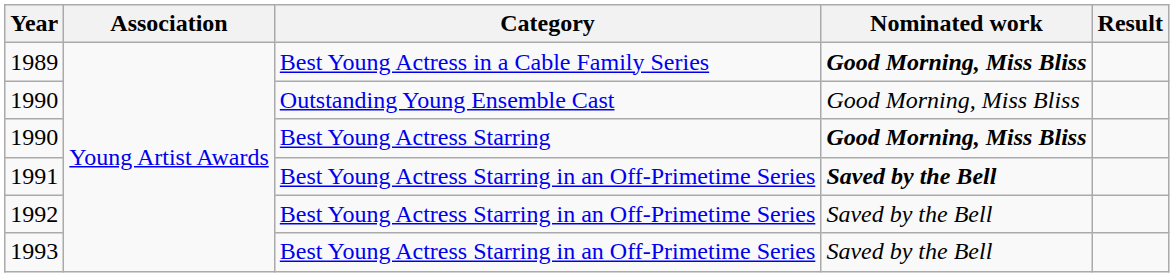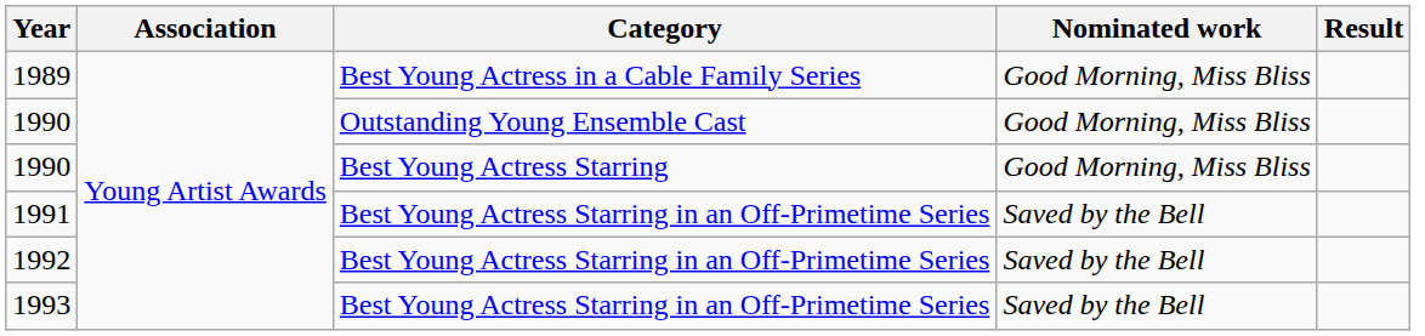 <table class="wikitable sortable">
 <tr>
 <th>Year</th>
 <th>Association</th>
 <th>Category</th>
 <th>Nominated work</th>
 <th>Result</th>
 </tr>
 <tr>
 <td>1989</td>
 <td rowspan=6><a href='#'>Young Artist Awards</a></td>
 <td><a href='#'>Best Young Actress in a Cable Family Series</a></td>
-<td><strong><em>Good Morning, Miss Bliss</em></strong></td>
+<td><em>Good Morning, Miss Bliss</em></td>
 <td></td>
 </tr>
 <tr>
 <td>1990</td>
 <td><a href='#'>Outstanding Young Ensemble Cast</a></td>
 <td><em>Good Morning, Miss Bliss</em></td>
 <td></td>
 </tr>
 <tr>
 <td>1990</td>
 <td><a href='#'>Best Young Actress Starring</a></td>
-<td><strong><em>Good Morning, Miss Bliss</em></strong></td>
+<td><em>Good Morning, Miss Bliss</em></td>
 <td></td>
 </tr>
 <tr>
 <td>1991</td>
 <td><a href='#'>Best Young Actress Starring in an Off-Primetime Series</a></td>
-<td><strong><em>Saved by the Bell</em></strong></td>
+<td><em>Saved by the Bell</em></td>
 <td></td>
 </tr>
 <tr>
 <td>1992</td>
 <td><a href='#'>Best Young Actress Starring in an Off-Primetime Series</a></td>
 <td><em>Saved by the Bell</em></td>
 <td></td>
 </tr>
 <tr>
 <td>1993</td>
 <td><a href='#'>Best Young Actress Starring in an Off-Primetime Series</a></td>
 <td><em>Saved by the Bell</em></td>
 <td></td>
 </tr>
 </table>
